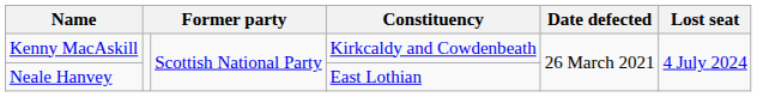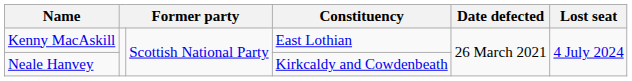 <table class="wikitable sortable">
 <tr>
 <th>Name</th>
 <th colspan="2">Former party</th>
 <th>Constituency</th>
 <th>Date defected</th>
 <th>Lost seat</th>
 </tr>
 <tr>
 <td><a href='#'>Kenny MacAskill</a></td>
 <td rowspan="2" style="background-color: "></td>
 <td rowspan="2"><a href='#'>Scottish National Party</a></td>
-<td><a href='#'>Kirkcaldy and Cowdenbeath</a></td>
+<td><a href='#'>East Lothian</a></td>
 <td rowspan="2">26 March 2021</td>
 <td rowspan="2"><a href='#'>4 July 2024</a></td>
 </tr>
 <tr>
 <td><a href='#'>Neale Hanvey</a></td>
-<td><a href='#'>East Lothian</a></td>
+<td><a href='#'>Kirkcaldy and Cowdenbeath</a></td>
 </tr>
 </table>
